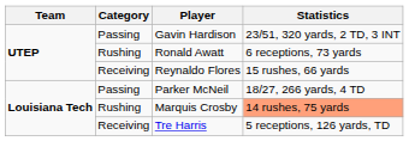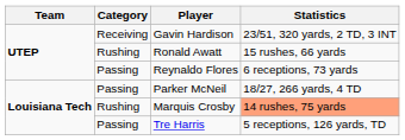 <table class="wikitable" style="float: left;">
 <tr>
 <th>Team</th>
 <th>Category</th>
 <th>Player</th>
 <th>Statistics</th>
 </tr>
 <tr>
 <td rowspan=3><strong>UTEP</strong></td>
-<td>Passing</td>
+<td>Receiving</td>
 <td>Gavin Hardison</td>
 <td>23/51, 320 yards, 2 TD, 3 INT</td>
 </tr>
 <tr>
 <td>Rushing</td>
 <td>Ronald Awatt</td>
-<td>6 receptions, 73 yards</td>
+<td>15 rushes, 66 yards</td>
 </tr>
 <tr>
-<td>Receiving</td>
+<td>Passing</td>
 <td>Reynaldo Flores</td>
-<td>15 rushes, 66 yards</td>
+<td>6 receptions, 73 yards</td>
 </tr>
 <tr>
 <td rowspan=3><strong>Louisiana Tech</strong></td>
 <td>Passing</td>
 <td>Parker McNeil</td>
 <td>18/27, 266 yards, 4 TD</td>
 </tr>
 <tr>
 <td>Rushing</td>
 <td>Marquis Crosby</td>
 <td style="background: lightsalmon;">14 rushes, 75 yards</td>
 </tr>
 <tr>
-<td>Receiving</td>
+<td>Passing</td>
 <td><a href='#'>Tre Harris</a></td>
 <td>5 receptions, 126 yards, TD</td>
 </tr>
 </table>
